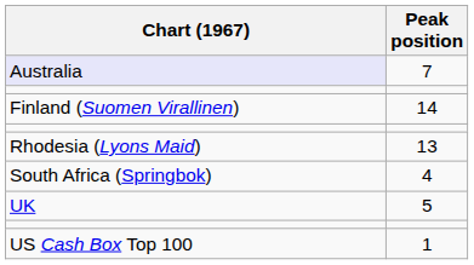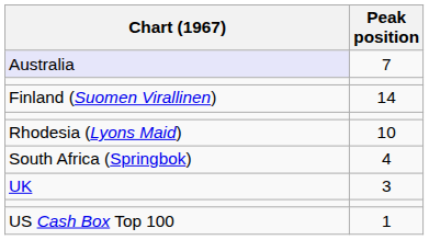 <table class="wikitable sortable">
 <tr>
 <th style="width:20em;">Chart (1967)</th>
 <th>Peak<br>position</th>
 </tr>
 <tr>
 <td style="background: lavender;">Australia</td>
 <td style="text-align:center;">7</td>
 </tr>
 <tr>
 <td></td>
 </tr>
 <tr>
 <td align="left">Finland (<a href='#'><em>Suomen Virallinen</em></a>)</td>
 <td style="text-align:center;">14</td>
 </tr>
 <tr>
 <td></td>
 </tr>
 <tr>
 <td>Rhodesia (<em><a href='#'>Lyons Maid</a></em>)</td>
-<td style="text-align:center;">13</td>
+<td style="text-align:center;">10</td>
 </tr>
 <tr>
 <td>South Africa (<a href='#'>Springbok</a>)</td>
 <td align="center">4</td>
 </tr>
 <tr>
 <td><a href='#'>UK</a></td>
-<td style="text-align:center;">5</td>
+<td style="text-align:center;">3</td>
 </tr>
 <tr>
 <td></td>
 </tr>
 <tr>
 <td align="left">US <em><a href='#'>Cash Box</a></em> Top 100</td>
 <td style="text-align:center;">1</td>
 </tr>
 </table>
